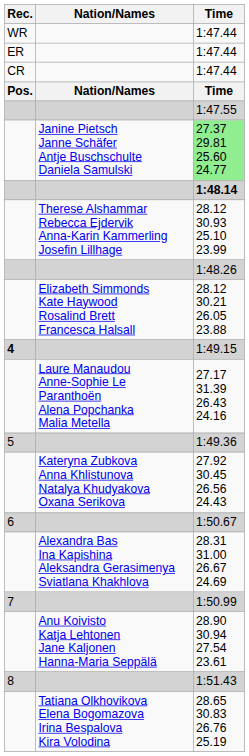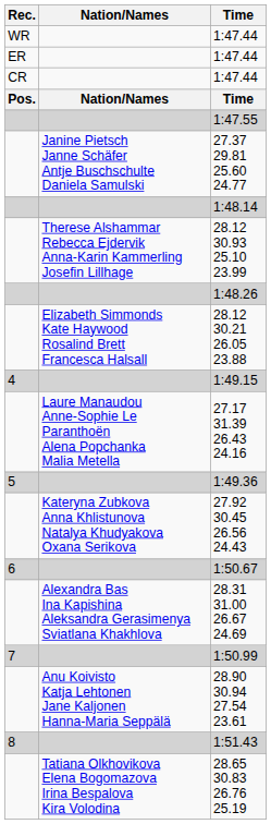 <table class=wikitable>
 <tr>
 <th width="30">Rec.</th>
 <th width="200">Nation/Names</th>
 <th width="60">Time</th>
 </tr>
 <tr>
 <td>WR</td>
 <td></td>
 <td>1:47.44</td>
 </tr>
 <tr>
 <td>ER</td>
 <td></td>
 <td>1:47.44</td>
 </tr>
 <tr>
 <td>CR</td>
 <td></td>
 <td>1:47.44</td>
 </tr>
 <tr>
 <th>Pos.</th>
 <th>Nation/Names</th>
 <th>Time</th>
 </tr>
 <tr bgcolor="lightgrey">
 <td></td>
 <td></td>
 <td>1:47.55</td>
 </tr>
 <tr>
 <td></td>
 <td><a href='#'>Janine Pietsch</a><br><a href='#'>Janne Schäfer</a><br><a href='#'>Antje Buschschulte</a><br><a href='#'>Daniela Samulski</a></td>
-<td style="background: lightgreen;">27.37<br>29.81<br>25.60<br>24.77</td>
+<td>27.37<br>29.81<br>25.60<br>24.77</td>
 </tr>
 <tr bgcolor="lightgrey">
 <td></td>
 <td></td>
-<td><strong>1:48.14</strong></td>
+<td>1:48.14</td>
 </tr>
 <tr>
 <td></td>
 <td><a href='#'>Therese Alshammar</a><br><a href='#'>Rebecca Ejdervik</a><br> <a href='#'>Anna-Karin Kammerling</a><br> <a href='#'>Josefin Lillhage</a></td>
 <td>28.12<br>30.93<br>25.10<br>23.99</td>
 </tr>
 <tr bgcolor="lightgrey">
 <td></td>
 <td></td>
 <td>1:48.26</td>
 </tr>
 <tr>
 <td></td>
 <td><a href='#'>Elizabeth Simmonds</a><br><a href='#'>Kate Haywood</a><br><a href='#'>Rosalind Brett</a><br><a href='#'>Francesca Halsall</a></td>
 <td>28.12<br>30.21<br>26.05<br>23.88</td>
 </tr>
 <tr bgcolor="lightgrey">
-<td><strong>4</strong></td>
+<td>4</td>
 <td></td>
 <td>1:49.15</td>
 </tr>
 <tr>
 <td></td>
 <td><a href='#'>Laure Manaudou</a><br><a href='#'>Anne-Sophie Le Paranthoën</a><br><a href='#'>Alena Popchanka</a><br> <a href='#'>Malia Metella</a></td>
 <td>27.17<br>31.39<br>26.43<br>24.16</td>
 </tr>
 <tr bgcolor="lightgrey">
 <td>5</td>
 <td></td>
 <td>1:49.36</td>
 </tr>
 <tr>
 <td></td>
 <td align="left"><a href='#'>Kateryna Zubkova</a><br><a href='#'>Anna Khlistunova</a><br> <a href='#'>Natalya Khudyakova</a><br> <a href='#'>Oxana Serikova</a></td>
 <td>27.92<br> 30.45<br> 26.56<br>24.43</td>
 </tr>
 <tr bgcolor="lightgrey">
 <td>6</td>
 <td></td>
 <td>1:50.67</td>
 </tr>
 <tr>
 <td></td>
 <td><a href='#'>Alexandra Bas</a><br> <a href='#'>Ina Kapishina</a><br> <a href='#'>Aleksandra Gerasimenya</a><br> <a href='#'>Sviatlana Khakhlova</a></td>
 <td>28.31<br>31.00<br>26.67<br>24.69</td>
 </tr>
 <tr bgcolor="lightgrey">
 <td>7</td>
 <td></td>
 <td>1:50.99</td>
 </tr>
 <tr>
 <td></td>
 <td><a href='#'>Anu Koivisto</a><br> <a href='#'>Katja Lehtonen</a><br> <a href='#'>Jane Kaljonen</a><br> <a href='#'>Hanna-Maria Seppälä</a></td>
 <td>28.90<br>30.94<br>27.54<br>23.61</td>
 </tr>
 <tr bgcolor="lightgrey">
 <td>8</td>
 <td></td>
 <td>1:51.43</td>
 </tr>
 <tr>
 <td></td>
 <td><a href='#'>Tatiana Olkhovikova</a><br> <a href='#'>Elena Bogomazova</a><br> <a href='#'>Irina Bespalova</a><br> <a href='#'>Kira Volodina</a></td>
 <td>28.65<br>30.83<br>26.76<br>25.19</td>
 </tr>
 </table>
